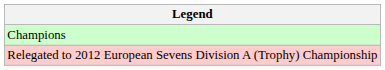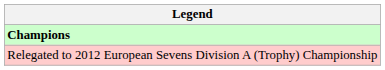 <table class="wikitable">
 <tr>
 <th>Legend</th>
 </tr>
 <tr bgcolor=ccffcc>
-<td>Champions</td>
+<td><strong>Champions</strong></td>
 </tr>
 <tr bgcolor=ffcccc>
 <td>Relegated to  2012 European Sevens Division A (Trophy) Championship</td>
 </tr>
 </table>
